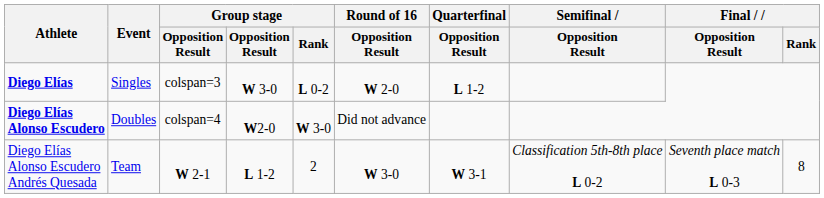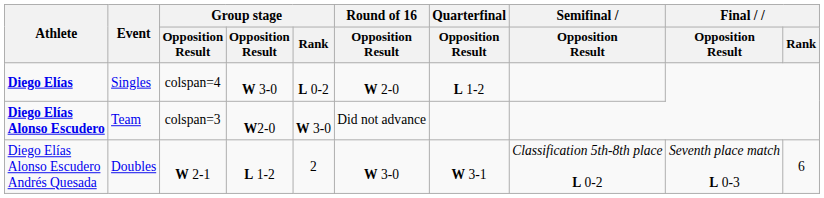 <table class=wikitable style=font-size:90%;text-align:center>
 <tr>
 <th rowspan=2>Athlete</th>
 <th rowspan=2>Event</th>
 <th colspan=3>Group stage</th>
 <th>Round of 16</th>
 <th>Quarterfinal</th>
 <th>Semifinal / </th>
 <th colspan=2>Final /  / </th>
 </tr>
 <tr style=font-size:95%>
 <th>Opposition<br>Result</th>
 <th>Opposition<br>Result</th>
 <th>Rank</th>
 <th>Opposition<br>Result</th>
 <th>Opposition<br>Result</th>
 <th>Opposition<br>Result</th>
 <th>Opposition<br>Result</th>
 <th>Rank</th>
 </tr>
 <tr>
 <td align=left><strong><a href='#'>Diego Elías</a></strong></td>
 <td align=left><a href='#'>Singles</a></td>
-<td>colspan=3 </td>
+<td>colspan=4 </td>
 <td><br><strong>W</strong> 3-0</td>
 <td><br><strong>L</strong> 0-2</td>
 <td><br><strong>W</strong> 2-0</td>
 <td><br><strong>L</strong> 1-2</td>
 <td></td>
 </tr>
 <tr>
 <td align=left><strong><a href='#'>Diego Elías</a><br><a href='#'>Alonso Escudero</a></strong></td>
-<td align=left><a href='#'>Doubles</a></td>
-<td>colspan=4 </td>
+<td align=left><a href='#'>Team</a></td>
+<td>colspan=3 </td>
 <td><br><strong>W</strong>2-0</td>
 <td><br><strong>W</strong> 3-0</td>
 <td>Did not advance</td>
 <td></td>
 </tr>
 <tr>
 <td align=left><a href='#'>Diego Elías</a><br><a href='#'>Alonso Escudero</a><br><a href='#'>Andrés Quesada</a></td>
-<td align=left><a href='#'>Team</a></td>
+<td align=left><a href='#'>Doubles</a></td>
 <td><br><strong>W</strong> 2-1</td>
 <td><br><strong>L</strong> 1-2</td>
 <td>2</td>
 <td><br><strong>W</strong> 3-0</td>
 <td><br><strong>W</strong> 3-1</td>
 <td><em>Classification 5th-8th place</em><br><br><strong>L</strong> 0-2</td>
 <td><em>Seventh place match</em><br><br><strong>L</strong> 0-3</td>
-<td>8</td>
+<td>6</td>
 </tr>
 </table>
